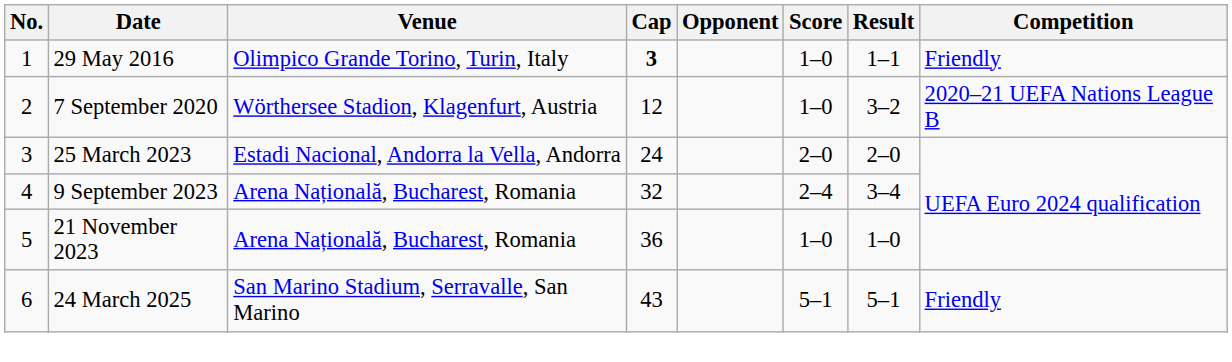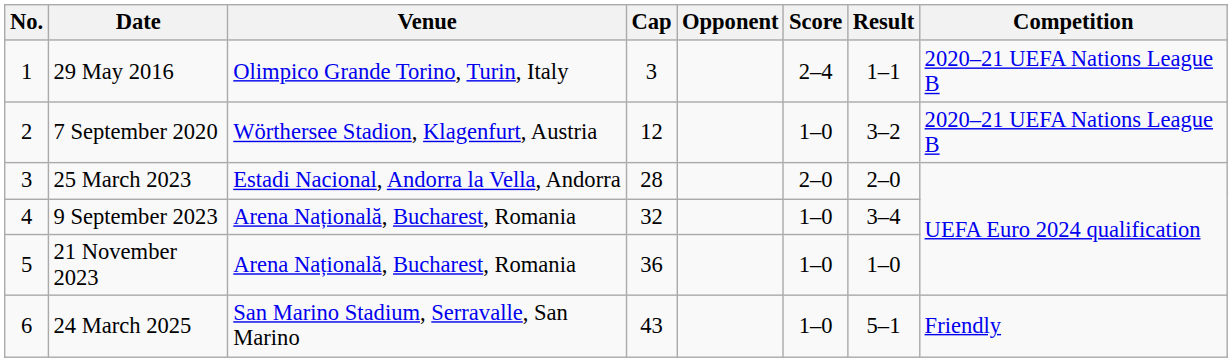 <table class="wikitable sortable">
 <tr>
 <th scope="col">No.</th>
 <th scope="col" data-sort-type="date">Date</th>
 <th scope="col">Venue</th>
 <th scope="col">Cap</th>
 <th scope="col">Opponent</th>
 <th scope="col">Score</th>
 <th scope="col">Result</th>
 <th scope="col">Competition</th>
 </tr>
 <tr>
 <td align="center">1</td>
 <td>29 May 2016</td>
 <td><a href='#'>Olimpico Grande Torino</a>, <a href='#'>Turin</a>, Italy</td>
-<td align="center"><strong>3</strong></td>
+<td align="center">3</td>
 <td></td>
-<td align="center">1–0</td>
+<td align="center">2–4</td>
 <td align="center">1–1</td>
-<td><a href='#'>Friendly</a></td>
+<td><a href='#'>2020–21 UEFA Nations League B</a></td>
 </tr>
 <tr>
 <td align="center">2</td>
 <td>7 September 2020</td>
 <td><a href='#'>Wörthersee Stadion</a>, <a href='#'>Klagenfurt</a>, Austria</td>
 <td align="center">12</td>
 <td></td>
 <td align="center">1–0</td>
 <td align="center">3–2</td>
 <td><a href='#'>2020–21 UEFA Nations League B</a></td>
 </tr>
 <tr>
 <td align="center">3</td>
 <td>25 March 2023</td>
 <td><a href='#'>Estadi Nacional</a>, <a href='#'>Andorra la Vella</a>, Andorra</td>
-<td align="center">24</td>
+<td align="center">28</td>
 <td></td>
 <td align="center">2–0</td>
 <td align="center">2–0</td>
 <td rowspan="3"><a href='#'>UEFA Euro 2024 qualification</a></td>
 </tr>
 <tr>
 <td align="center">4</td>
 <td>9 September 2023</td>
 <td><a href='#'>Arena Națională</a>, <a href='#'>Bucharest</a>, Romania</td>
 <td align="center">32</td>
 <td></td>
-<td align="center">2–4</td>
+<td align="center">1–0</td>
 <td align="center">3–4</td>
 </tr>
 <tr>
 <td align="center">5</td>
 <td>21 November 2023</td>
 <td><a href='#'>Arena Națională</a>, <a href='#'>Bucharest</a>, Romania</td>
 <td align="center">36</td>
 <td></td>
 <td align="center">1–0</td>
 <td align="center">1–0</td>
 </tr>
 <tr>
 <td align="center">6</td>
 <td>24 March 2025</td>
 <td><a href='#'>San Marino Stadium</a>, <a href='#'>Serravalle</a>, San Marino</td>
 <td align="center">43</td>
 <td></td>
-<td align="center">5–1</td>
+<td align="center">1–0</td>
 <td align="center">5–1</td>
 <td><a href='#'>Friendly</a></td>
 </tr>
 </table>
